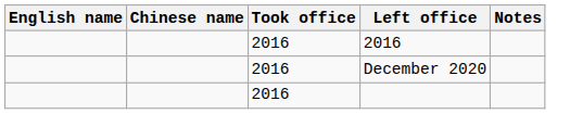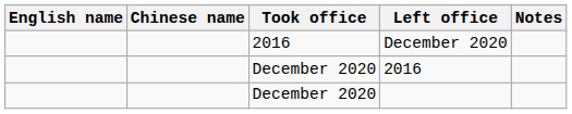 <table class="wikitable">
 <tr>
 <th>English name</th>
 <th>Chinese name</th>
 <th>Took office</th>
 <th>Left office</th>
 <th>Notes</th>
 </tr>
 <tr>
 <td></td>
 <td></td>
 <td>2016</td>
+<td>December 2020</td>
+<td></td>
+</tr>
+<tr>
+<td></td>
+<td></td>
+<td>December 2020</td>
 <td>2016</td>
 <td></td>
 </tr>
 <tr>
 <td></td>
 <td></td>
-<td>2016</td>
 <td>December 2020</td>
-<td></td>
-</tr>
-<tr>
-<td></td>
-<td></td>
-<td>2016</td>
 <td></td>
 <td></td>
 </tr>
 </table>
